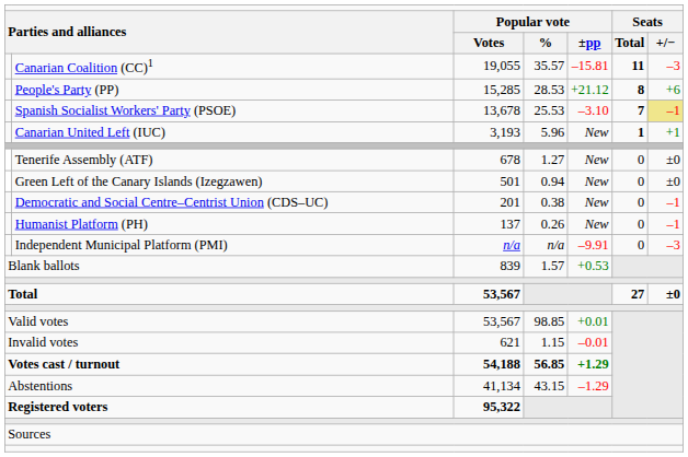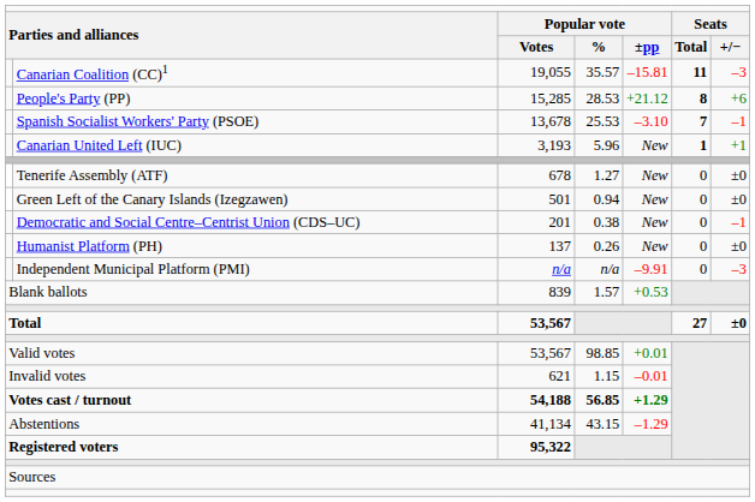 <table class="wikitable" style="text-align:right;">
 <tr>
 <td colspan="7"></td>
 </tr>
 <tr>
 <th style="text-align:left;" rowspan="2" colspan="2" width="525">Parties and alliances</th>
 <th colspan="3">Popular vote</th>
 <th colspan="2">Seats</th>
 </tr>
 <tr>
 <th width="75">Votes</th>
 <th width="45">%</th>
 <th width="45">±<a href='#'>pp</a></th>
 <th width="35">Total</th>
 <th width="35">+/−</th>
 </tr>
 <tr>
 <td width="1" style="color:inherit;background:"></td>
 <td align="left"><a href='#'>Canarian Coalition</a> (CC)<sup>1</sup></td>
 <td>19,055</td>
 <td>35.57</td>
 <td style="color:red;">–15.81</td>
 <td><strong>11</strong></td>
 <td style="color:red;">–3</td>
 </tr>
 <tr>
 <td style="color:inherit;background:"></td>
 <td align="left"><a href='#'>People's Party</a> (PP)</td>
 <td>15,285</td>
 <td>28.53</td>
 <td style="color:green;">+21.12</td>
 <td><strong>8</strong></td>
 <td style="color:green;">+6</td>
 </tr>
 <tr>
 <td style="color:inherit;background:"></td>
 <td align="left"><a href='#'>Spanish Socialist Workers' Party</a> (PSOE)</td>
 <td>13,678</td>
 <td>25.53</td>
 <td style="color:red;">–3.10</td>
 <td><strong>7</strong></td>
-<td style="background: khaki; color:red;">–1</td>
+<td style="color:red;">–1</td>
 </tr>
 <tr>
 <td style="color:inherit;background:"></td>
 <td align="left"><a href='#'>Canarian United Left</a> (IUC)</td>
 <td>3,193</td>
 <td>5.96</td>
 <td><em>New</em></td>
 <td><strong>1</strong></td>
 <td style="color:green;">+1</td>
 </tr>
 <tr>
 <td colspan="7" style="color:inherit;background:#C0C0C0"></td>
 </tr>
 <tr>
 <td bgcolor="white"></td>
 <td align="left">Tenerife Assembly (ATF)</td>
 <td>678</td>
 <td>1.27</td>
 <td><em>New</em></td>
 <td>0</td>
 <td>±0</td>
 </tr>
 <tr>
 <td bgcolor="white"></td>
 <td align="left">Green Left of the Canary Islands (Izegzawen)</td>
 <td>501</td>
 <td>0.94</td>
 <td><em>New</em></td>
 <td>0</td>
 <td>±0</td>
 </tr>
 <tr>
 <td style="color:inherit;background:"></td>
 <td align="left"><a href='#'>Democratic and Social Centre–Centrist Union</a> (CDS–UC)</td>
 <td>201</td>
 <td>0.38</td>
 <td><em>New</em></td>
 <td>0</td>
 <td style="color:red;">–1</td>
 </tr>
 <tr>
 <td style="color:inherit;background:"></td>
 <td align="left"><a href='#'>Humanist Platform</a> (PH)</td>
 <td>137</td>
 <td>0.26</td>
 <td><em>New</em></td>
 <td>0</td>
-<td style="color:red;">–1</td>
+<td>±0</td>
 </tr>
 <tr>
 <td style="color:inherit;background:"></td>
 <td align="left">Independent Municipal Platform (PMI)</td>
 <td><em><a href='#'>n/a</a></em></td>
 <td><em>n/a</em></td>
 <td style="color:red;">–9.91</td>
 <td>0</td>
 <td style="color:red;">–3</td>
 </tr>
 <tr>
 <td align="left" colspan="2">Blank ballots</td>
 <td>839</td>
 <td>1.57</td>
 <td style="color:green;">+0.53</td>
 <td style="color:inherit;background:#E9E9E9" colspan="2"></td>
 </tr>
 <tr>
 <td colspan="7" style="color:inherit;background:#E9E9E9"></td>
 </tr>
 <tr style="font-weight:bold;">
 <td align="left" colspan="2">Total</td>
 <td>53,567</td>
 <td bgcolor="#E9E9E9" colspan="2"></td>
 <td>27</td>
 <td>±0</td>
 </tr>
 <tr>
 <td colspan="7" style="color:inherit;background:#E9E9E9"></td>
 </tr>
 <tr>
 <td align="left" colspan="2">Valid votes</td>
 <td>53,567</td>
 <td>98.85</td>
 <td style="color:green;">+0.01</td>
 <td bgcolor="#E9E9E9" colspan="2" rowspan="5"></td>
 </tr>
 <tr>
 <td align="left" colspan="2">Invalid votes</td>
 <td>621</td>
 <td>1.15</td>
 <td style="color:red;">–0.01</td>
 </tr>
 <tr style="font-weight:bold;">
 <td align="left" colspan="2">Votes cast / turnout</td>
 <td>54,188</td>
 <td>56.85</td>
 <td style="color:green;">+1.29</td>
 </tr>
 <tr>
 <td align="left" colspan="2">Abstentions</td>
 <td>41,134</td>
 <td>43.15</td>
 <td style="color:red;">–1.29</td>
 </tr>
 <tr style="font-weight:bold;">
 <td align="left" colspan="2">Registered voters</td>
 <td>95,322</td>
 <td bgcolor="#E9E9E9" colspan="2"></td>
 </tr>
 <tr>
 <td colspan="7" style="color:inherit;background:#E9E9E9"></td>
 </tr>
 <tr>
 <td align="left" colspan="7">Sources</td>
 </tr>
 <tr>
 <td colspan="7" style="text-align:left; max-width:790px;"></td>
 </tr>
 </table>
